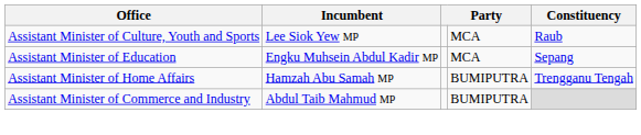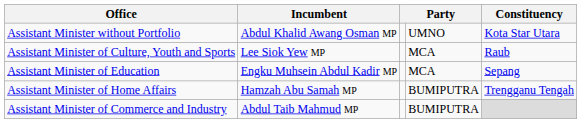 <table class="sortable wikitable">
 <tr>
 <th>Office</th>
 <th>Incumbent</th>
 <th colspan=2>Party</th>
 <th>Constituency</th>
+</tr>
+<tr>
+<td><a href='#'>Assistant Minister without Portfolio</a></td>
+<td><a href='#'>Abdul Khalid Awang Osman</a> <small>MP</small></td>
+<td rowspan=1></td>
+<td>UMNO</td>
+<td><a href='#'>Kota Star Utara</a></td>
 </tr>
 <tr>
 <td><a href='#'>Assistant Minister of Culture, Youth and Sports</a></td>
 <td><a href='#'>Lee Siok Yew</a> <small>MP</small></td>
 <td rowspan=1></td>
 <td>MCA</td>
 <td><a href='#'>Raub</a></td>
 </tr>
 <tr>
 <td><a href='#'>Assistant Minister of Education</a></td>
 <td><a href='#'>Engku Muhsein Abdul Kadir</a> <small>MP</small></td>
 <td rowspan=1></td>
 <td>MCA</td>
 <td><a href='#'>Sepang</a></td>
 </tr>
 <tr>
 <td><a href='#'>Assistant Minister of Home Affairs</a></td>
 <td><a href='#'>Hamzah Abu Samah</a> <small>MP</small></td>
 <td rowspan=1></td>
 <td>BUMIPUTRA</td>
 <td><a href='#'>Trengganu Tengah</a></td>
 </tr>
 <tr>
 <td><a href='#'>Assistant Minister of Commerce and Industry</a></td>
 <td><a href='#'>Abdul Taib Mahmud</a> <small>MP</small></td>
 <td rowspan=1></td>
 <td>BUMIPUTRA</td>
 <td bgcolor=dcdcdc></td>
 </tr>
 </table>
